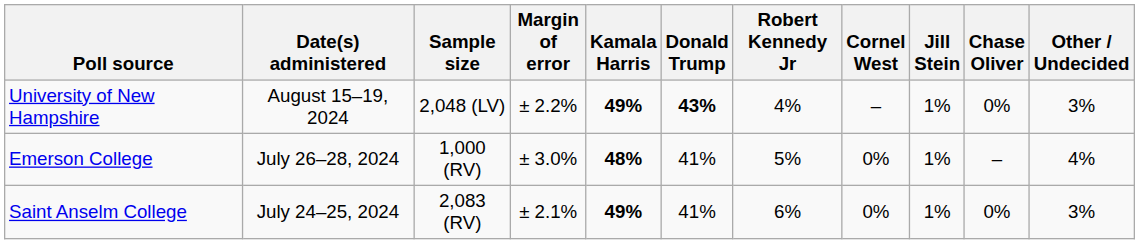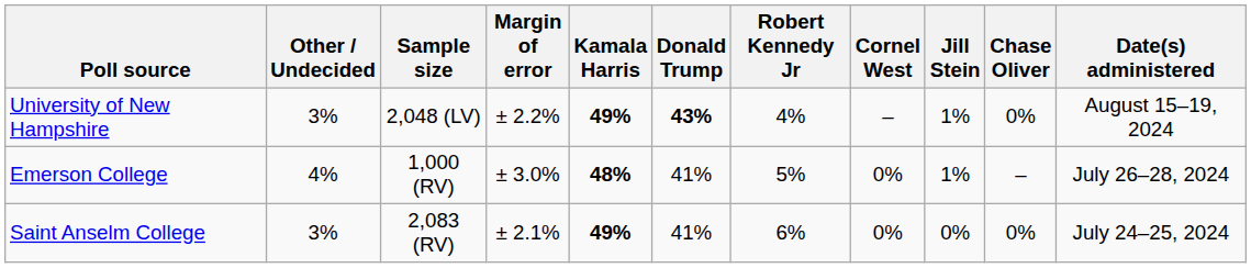 <table class="wikitable sortable mw-datatable" style="font-size:90%;text-align:center;line-height:17px">
 <tr valign=bottom>
 <th>Poll source</th>
-<th>Date(s)<br>administered</th>
+<th class="unsortable">Other /<br>Undecided</th>
 <th>Sample<br>size</th>
 <th>Margin<br>of error</th>
 <th class="unsortable">Kamala<br>Harris<br></th>
 <th class="unsortable">Donald<br>Trump<br></th>
 <th class="unsortable">Robert<br>Kennedy Jr<br></th>
 <th class="unsortable">Cornel<br>West<br></th>
 <th class="unsortable">Jill<br>Stein<br></th>
 <th class="unsortable">Chase<br>Oliver<br></th>
-<th class="unsortable">Other /<br>Undecided</th>
+<th>Date(s)<br>administered</th>
 </tr>
 <tr>
 <td style="text-align:left;"><a href='#'>University of New Hampshire</a></td>
-<td data-sort-value="2024-08-19">August 15–19, 2024</td>
+<td>3%</td>
 <td>2,048 (LV)</td>
 <td>± 2.2%</td>
 <td style="color:black;background-color:"><strong>49%</strong></td>
 <td><strong>43%</strong></td>
 <td>4%</td>
 <td>–</td>
 <td>1%</td>
 <td>0%</td>
-<td>3%</td>
+<td data-sort-value="2024-08-19">August 15–19, 2024</td>
 </tr>
 <tr>
 <td style="text-align:left;"><a href='#'>Emerson College</a></td>
-<td data-sort-value="2024-07-28">July 26–28, 2024</td>
+<td>4%</td>
 <td>1,000 (RV)</td>
 <td>± 3.0%</td>
 <td style="color:black;background-color:"><strong>48%</strong></td>
 <td>41%</td>
 <td>5%</td>
 <td>0%</td>
 <td>1%</td>
 <td>–</td>
-<td>4%</td>
+<td data-sort-value="2024-07-28">July 26–28, 2024</td>
 </tr>
 <tr>
 <td style="text-align:left;"><a href='#'>Saint Anselm College</a></td>
-<td data-sort-value="2024-07-25">July 24–25, 2024</td>
+<td>3%</td>
 <td>2,083 (RV)</td>
 <td>± 2.1%</td>
 <td style="color:black;background-color:"><strong>49%</strong></td>
 <td>41%</td>
 <td>6%</td>
 <td>0%</td>
-<td>1%</td>
 <td>0%</td>
-<td>3%</td>
+<td>0%</td>
+<td data-sort-value="2024-07-25">July 24–25, 2024</td>
 </tr>
 </table>
